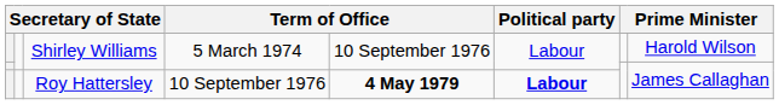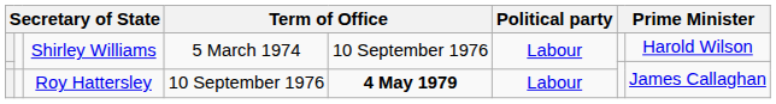 <table class="wikitable" style="text-align:center">
 <tr>
 <th colspan=3>Secretary of State</th>
 <th colspan=2>Term of Office</th>
 <th>Political party</th>
 <th colspan=2>Prime Minister</th>
 </tr>
 <tr style="height:1em">
 <th style="background-color: "></th>
 <td rowspan=2></td>
 <td rowspan=2><a href='#'>Shirley Williams</a></td>
 <td rowspan=2>5 March 1974</td>
 <td rowspan=2>10 September 1976</td>
 <td rowspan=2><a href='#'>Labour</a></td>
 <td style="background-color: "></td>
 <td><a href='#'>Harold Wilson</a></td>
 </tr>
 <tr>
 <th style="background-color: "></th>
 <td rowspan=2 style="background-color: "></td>
 <td rowspan=2><a href='#'>James Callaghan</a></td>
 </tr>
 <tr style="height:1em">
 <th style="background-color: "></th>
 <td></td>
 <td><a href='#'>Roy Hattersley</a></td>
 <td>10 September 1976</td>
 <td><strong>4 May 1979</strong></td>
-<td><strong><a href='#'>Labour</a></strong></td>
+<td><a href='#'>Labour</a></td>
 </tr>
 </table>
